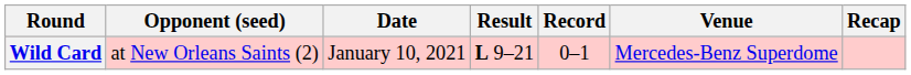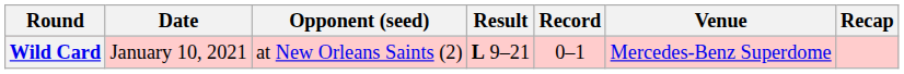 <table class="wikitable" style="text-align:center">
 <tr>
 <th>Round</th>
+<th>Date</th>
 <th>Opponent (seed)</th>
-<th>Date</th>
 <th>Result</th>
 <th>Record</th>
 <th>Venue</th>
 <th>Recap</th>
 </tr>
 <tr style="background:#fcc">
 <th><a href='#'>Wild Card</a></th>
+<td>January 10, 2021</td>
 <td>at <a href='#'>New Orleans Saints</a> (2)</td>
-<td>January 10, 2021</td>
 <td><strong>L</strong> 9–21</td>
 <td>0–1</td>
 <td><a href='#'>Mercedes-Benz Superdome</a></td>
 <td></td>
 </tr>
 </table>
